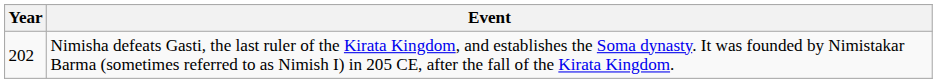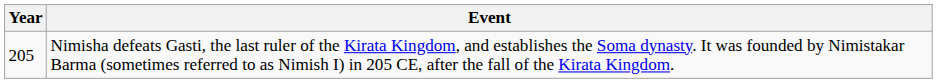 <table class="wikitable">
 <tr>
 <th>Year</th>
 <th>Event</th>
 </tr>
 <tr>
-<td>202</td>
+<td>205</td>
 <td>Nimisha defeats Gasti, the last ruler of the <a href='#'>Kirata Kingdom</a>, and establishes the <a href='#'>Soma dynasty</a>. It was founded by Nimistakar Barma (sometimes referred to as Nimish I) in 205 CE, after the fall of the <a href='#'>Kirata Kingdom</a>.</td>
 </tr>
 </table>
